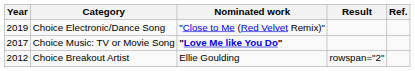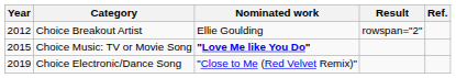 <table class="wikitable">
 <tr>
 <th>Year</th>
 <th>Category</th>
 <th>Nominated work</th>
 <th>Result</th>
 <th>Ref.</th>
 </tr>
 <tr>
+<td>2012</td>
+<td>Choice Breakout Artist</td>
+<td>Ellie Goulding</td>
+<td>rowspan="2" </td>
+<td></td>
+</tr>
+<tr>
+<td>2015</td>
+<td>Choice Music: TV or Movie Song</td>
+<td><strong>"<a href='#'>Love Me like You Do</a>"</strong></td>
+<td></td>
+</tr>
+<tr>
 <td>2019</td>
 <td>Choice Electronic/Dance Song</td>
 <td>"<a href='#'>Close to Me</a> (<a href='#'>Red Velvet</a> Remix)"</td>
 <td></td>
 <td></td>
 </tr>
-<tr>
-<td>2017</td>
-<td>Choice Music: TV or Movie Song</td>
-<td><strong>"<a href='#'>Love Me like You Do</a>"</strong></td>
-<td></td>
-</tr>
-<tr>
-<td>2012</td>
-<td>Choice Breakout Artist</td>
-<td>Ellie Goulding</td>
-<td>rowspan="2" </td>
-<td></td>
-</tr>
 </table>
